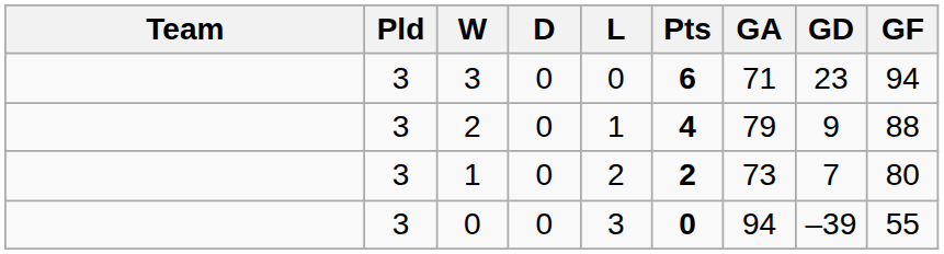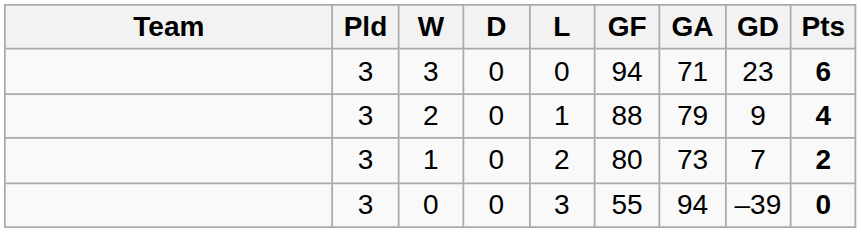 <table class="wikitable" style="text-align: center;">
 <tr>
 <th width="180">Team</th>
 <th width="30">Pld</th>
 <th width="30">W</th>
 <th width="30">D</th>
 <th width="30">L</th>
-<th width="30">Pts</th>
+<th width="30">GF</th>
 <th width="30">GA</th>
 <th width="30">GD</th>
-<th width="30">GF</th>
+<th width="30">Pts</th>
 </tr>
 <tr>
 <td align="left"></td>
 <td>3</td>
 <td>3</td>
 <td>0</td>
 <td>0</td>
-<td><strong>6</strong></td>
+<td>94</td>
 <td>71</td>
 <td>23</td>
-<td>94</td>
+<td><strong>6</strong></td>
 </tr>
 <tr>
 <td align="left"></td>
 <td>3</td>
 <td>2</td>
 <td>0</td>
 <td>1</td>
-<td><strong>4</strong></td>
+<td>88</td>
 <td>79</td>
 <td>9</td>
-<td>88</td>
+<td><strong>4</strong></td>
 </tr>
 <tr>
 <td align="left"></td>
 <td>3</td>
 <td>1</td>
 <td>0</td>
 <td>2</td>
-<td><strong>2</strong></td>
+<td>80</td>
 <td>73</td>
 <td>7</td>
-<td>80</td>
+<td><strong>2</strong></td>
 </tr>
 <tr>
 <td align="left"></td>
 <td>3</td>
 <td>0</td>
 <td>0</td>
 <td>3</td>
-<td><strong>0</strong></td>
+<td>55</td>
 <td>94</td>
 <td>–39</td>
-<td>55</td>
+<td><strong>0</strong></td>
 </tr>
 </table>
